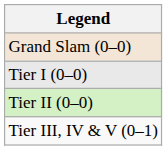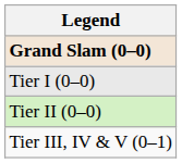 <table class=wikitable style=font-size:90%>
 <tr>
 <th>Legend</th>
 </tr>
 <tr>
-<td style="background:#f3e6d7;">Grand Slam (0–0)</td>
+<td style="background:#f3e6d7;"><strong>Grand Slam (0–0)</strong></td>
 </tr>
 <tr>
 <td style="background:#e9e9e9;">Tier I (0–0)</td>
 </tr>
 <tr>
 <td style="background:#d4f1c5;">Tier II (0–0)</td>
 </tr>
 <tr>
 <td>Tier III, IV & V (0–1)</td>
 </tr>
 </table>
